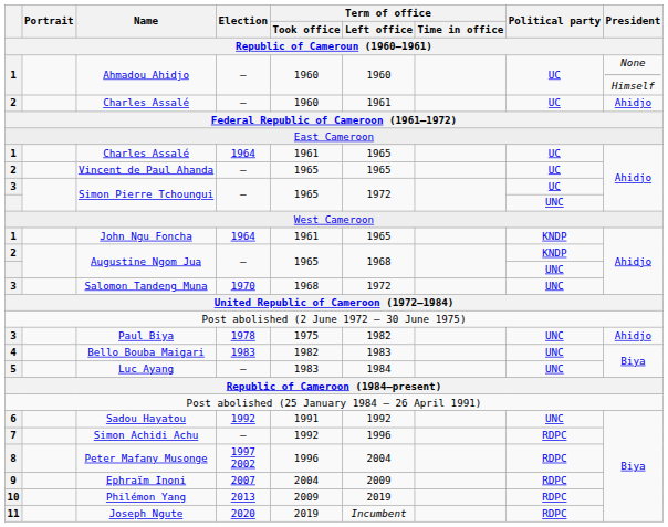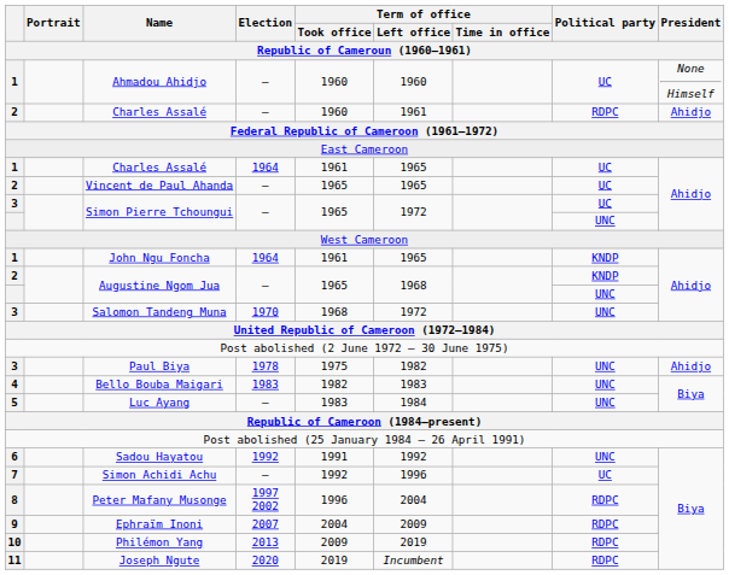 <table class="wikitable" style="text-align:center">
 <tr>
 <th rowspan="2"></th>
 <th rowspan="2">Portrait</th>
 <th rowspan="2">Name<br></th>
 <th rowspan="2">Election</th>
 <th colspan="3">Term of office</th>
 <th rowspan="2">Political party</th>
 <th rowspan="2">President</th>
 </tr>
 <tr>
 <th>Took office</th>
 <th>Left office</th>
 <th>Time in office</th>
 </tr>
 <tr>
 <th colspan="9"><a href='#'>Republic of Cameroun</a> (1960–1961)</th>
 </tr>
 <tr>
 <th style="background:">1</th>
 <td></td>
 <td><a href='#'>Ahmadou Ahidjo</a><br></td>
 <td>—</td>
 <td> 1960</td>
 <td> 1960</td>
 <td></td>
 <td><a href='#'>UC</a></td>
 <td><em>None</em><hr><em>Himself</em></td>
 </tr>
 <tr>
 <th style="background:">2</th>
 <td></td>
 <td><a href='#'>Charles Assalé</a><br></td>
 <td>—</td>
 <td> 1960</td>
 <td> 1961</td>
 <td></td>
-<td><a href='#'>UC</a></td>
+<td><a href='#'>RDPC</a></td>
 <td><a href='#'>Ahidjo</a></td>
 </tr>
 <tr>
 <th colspan="9"><a href='#'>Federal Republic of Cameroon</a> (1961–1972)</th>
 </tr>
 <tr>
 <td bgcolor=#EEEEEE colspan="9"><a href='#'>East Cameroon</a></td>
 </tr>
 <tr>
 <th style="background:">1</th>
 <td></td>
 <td><a href='#'>Charles Assalé</a><br></td>
 <td><a href='#'>1964</a></td>
 <td> 1961</td>
 <td> 1965</td>
 <td></td>
 <td><a href='#'>UC</a></td>
 <td rowspan=4><a href='#'>Ahidjo</a></td>
 </tr>
 <tr>
 <th style="background:">2</th>
 <td></td>
 <td><a href='#'>Vincent de Paul Ahanda</a><br></td>
 <td>—</td>
 <td> 1965</td>
 <td> 1965</td>
 <td></td>
 <td><a href='#'>UC</a></td>
 </tr>
 <tr>
 <th style="background:">3</th>
 <td rowspan=2></td>
 <td rowspan=2><a href='#'>Simon Pierre Tchoungui</a><br></td>
 <td rowspan=2>—</td>
 <td rowspan=2> 1965</td>
 <td rowspan=2> 1972</td>
 <td rowspan=2></td>
 <td><a href='#'>UC</a><br></td>
 </tr>
 <tr>
 <th style="background:"></th>
 <td><a href='#'>UNC</a></td>
 </tr>
 <tr>
 <td bgcolor=#EEEEEE colspan="9"><a href='#'>West Cameroon</a></td>
 </tr>
 <tr>
 <th style="background:">1</th>
 <td></td>
 <td><a href='#'>John Ngu Foncha</a><br></td>
 <td><a href='#'>1964</a></td>
 <td> 1961</td>
 <td> 1965</td>
 <td></td>
 <td><a href='#'>KNDP</a></td>
 <td rowspan=4><a href='#'>Ahidjo</a></td>
 </tr>
 <tr>
 <th style="background:">2</th>
 <td rowspan=2></td>
 <td rowspan=2><a href='#'>Augustine Ngom Jua</a><br></td>
 <td rowspan=2>—</td>
 <td rowspan=2> 1965</td>
 <td rowspan=2> 1968</td>
 <td rowspan=2></td>
 <td><a href='#'>KNDP</a><br></td>
 </tr>
 <tr>
 <th style="background:"></th>
 <td><a href='#'>UNC</a></td>
 </tr>
 <tr>
 <th style="background:">3</th>
 <td></td>
 <td><a href='#'>Salomon Tandeng Muna</a><br></td>
 <td><a href='#'>1970</a></td>
 <td> 1968</td>
 <td> 1972</td>
 <td></td>
 <td><a href='#'>UNC</a></td>
 </tr>
 <tr>
 <th colspan="9"><a href='#'>United Republic of Cameroon</a> (1972–1984)</th>
 </tr>
 <tr>
 <td colspan="9">Post abolished (2 June 1972 – 30 June 1975)</td>
 </tr>
 <tr>
 <th style="background:">3</th>
 <td></td>
 <td><a href='#'>Paul Biya</a><br></td>
 <td><a href='#'>1978</a></td>
 <td> 1975</td>
 <td> 1982<br></td>
 <td></td>
 <td><a href='#'>UNC</a></td>
 <td><a href='#'>Ahidjo</a></td>
 </tr>
 <tr>
 <th style="background:">4</th>
 <td></td>
 <td><a href='#'>Bello Bouba Maigari</a><br></td>
 <td><a href='#'>1983</a></td>
 <td> 1982</td>
 <td> 1983</td>
 <td></td>
 <td><a href='#'>UNC</a></td>
 <td rowspan=2><a href='#'>Biya</a></td>
 </tr>
 <tr>
 <th style="background:">5</th>
 <td></td>
 <td><a href='#'>Luc Ayang</a><br></td>
 <td>—</td>
 <td> 1983</td>
 <td> 1984</td>
 <td></td>
 <td><a href='#'>UNC</a></td>
 </tr>
 <tr>
 <th colspan="9"><a href='#'>Republic of Cameroon</a> (1984–present)</th>
 </tr>
 <tr>
 <td colspan="9">Post abolished (25 January 1984 – 26 April 1991)</td>
 </tr>
 <tr>
 <th style="background:">6</th>
 <td></td>
 <td><a href='#'>Sadou Hayatou</a><br></td>
 <td><a href='#'>1992</a></td>
 <td> 1991</td>
 <td> 1992</td>
 <td></td>
 <td><a href='#'>UNC</a></td>
 <td rowspan=6><a href='#'>Biya</a></td>
 </tr>
 <tr>
 <th style="background:">7</th>
 <td></td>
 <td><a href='#'>Simon Achidi Achu</a><br></td>
 <td>—</td>
 <td> 1992</td>
 <td> 1996</td>
 <td></td>
-<td><a href='#'>RDPC</a></td>
+<td><a href='#'>UC</a></td>
 </tr>
 <tr>
 <th style="background:">8</th>
 <td></td>
 <td><a href='#'>Peter Mafany Musonge</a><br></td>
 <td><a href='#'>1997</a><br><a href='#'>2002</a></td>
 <td> 1996</td>
 <td> 2004</td>
 <td></td>
 <td><a href='#'>RDPC</a></td>
 </tr>
 <tr>
 <th style="background:">9</th>
 <td></td>
 <td><a href='#'>Ephraïm Inoni</a><br></td>
 <td><a href='#'>2007</a></td>
 <td> 2004</td>
 <td> 2009</td>
 <td></td>
 <td><a href='#'>RDPC</a></td>
 </tr>
 <tr>
 <th style="background:">10</th>
 <td></td>
 <td><a href='#'>Philémon Yang</a><br></td>
 <td><a href='#'>2013</a></td>
 <td> 2009</td>
 <td> 2019</td>
 <td></td>
 <td><a href='#'>RDPC</a></td>
 </tr>
 <tr>
 <th style="background:">11</th>
 <td></td>
 <td><a href='#'>Joseph Ngute</a><br></td>
 <td><a href='#'>2020</a></td>
 <td> 2019</td>
 <td><em>Incumbent</em></td>
 <td></td>
 <td><a href='#'>RDPC</a></td>
 </tr>
 </table>
